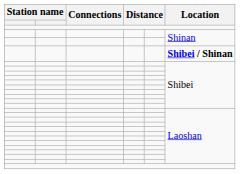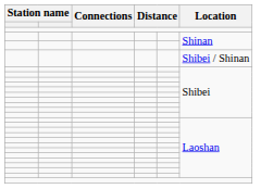 <table class="wikitable">
 <tr>
 <th colspan=2>Station name</th>
 <th rowspan=2>Connections</th>
 <th colspan="2" rowspan="2">Distance<br></th>
 <th rowspan="2">Location</th>
 </tr>
 <tr>
 <th></th>
 <th></th>
 </tr>
 <tr style="background:#">
 <td colspan = "6"></td>
 </tr>
 <tr>
 <td></td>
 <td></td>
 <td></td>
 <td></td>
 <td></td>
 <td rowspan="2"><a href='#'>Shinan</a></td>
 </tr>
 <tr>
 <td></td>
 <td></td>
 <td></td>
 <td></td>
 <td></td>
 </tr>
 <tr>
 <td></td>
 <td></td>
 <td></td>
 <td></td>
 <td></td>
-<td><strong><a href='#'>Shibei</a> / Shinan</strong></td>
+<td><a href='#'>Shibei</a> / Shinan</td>
 </tr>
 <tr>
 <td></td>
 <td></td>
 <td></td>
 <td></td>
 <td></td>
 <td rowspan="10">Shibei</td>
 </tr>
 <tr>
 <td></td>
 <td></td>
 <td></td>
 <td></td>
 <td></td>
 </tr>
 <tr>
 <td></td>
 <td></td>
 <td></td>
 <td></td>
 <td></td>
 </tr>
 <tr>
 <td></td>
 <td></td>
 <td></td>
 <td></td>
 <td></td>
 </tr>
 <tr>
 <td></td>
 <td></td>
 <td></td>
 <td></td>
 <td></td>
 </tr>
 <tr>
 <td></td>
 <td></td>
 <td></td>
 <td></td>
 <td></td>
 </tr>
 <tr>
 <td></td>
 <td></td>
 <td></td>
 <td></td>
 <td></td>
 </tr>
 <tr>
 <td></td>
 <td></td>
 <td></td>
 <td></td>
 <td></td>
 </tr>
 <tr>
 <td></td>
 <td></td>
 <td></td>
 <td></td>
 <td></td>
 </tr>
 <tr>
 <td></td>
 <td></td>
 <td></td>
 <td></td>
 <td></td>
 </tr>
 <tr>
 <td></td>
 <td></td>
 <td></td>
 <td></td>
 <td></td>
 <td rowspan="12"><a href='#'>Laoshan</a></td>
 </tr>
 <tr>
 <td></td>
 <td></td>
 <td></td>
 <td></td>
 <td></td>
 </tr>
 <tr>
 <td></td>
 <td></td>
 <td></td>
 <td></td>
 <td></td>
 </tr>
 <tr>
 <td></td>
 <td></td>
 <td></td>
 <td></td>
 <td></td>
 </tr>
 <tr>
 <td></td>
 <td></td>
 <td></td>
 <td></td>
 <td></td>
 </tr>
 <tr>
 <td></td>
 <td></td>
 <td></td>
 <td></td>
 <td></td>
 </tr>
 <tr>
 <td></td>
 <td></td>
 <td></td>
 <td></td>
 <td></td>
 </tr>
 <tr>
 <td></td>
 <td></td>
 <td></td>
 <td></td>
 <td></td>
 </tr>
 <tr>
 <td></td>
 <td></td>
 <td></td>
 <td></td>
 <td></td>
 </tr>
 <tr>
 <td></td>
 <td></td>
 <td></td>
 <td></td>
 <td></td>
 </tr>
 <tr>
 <td></td>
 <td></td>
 <td></td>
 <td></td>
 <td></td>
 </tr>
 <tr>
 <td></td>
 <td></td>
 <td></td>
 <td></td>
 <td></td>
 </tr>
 <tr style="background:#">
 <td colspan = "6"></td>
 </tr>
 </table>
